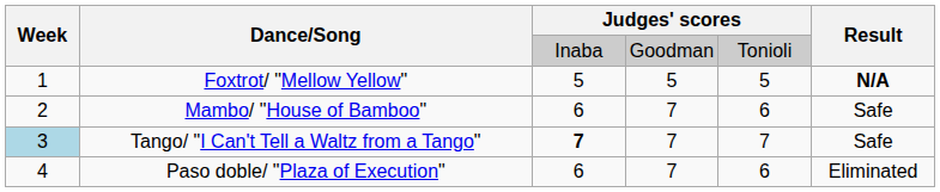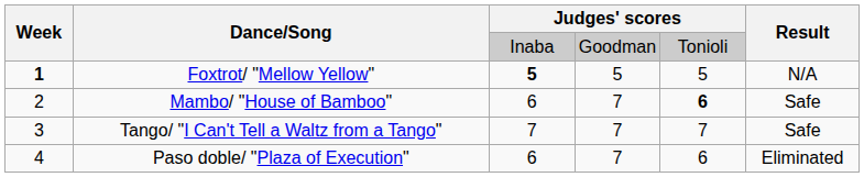 <table class="wikitable">
 <tr style="text-align:Center; background:#ccc;">
 <th rowspan="2">Week</th>
 <th rowspan="2">Dance/Song</th>
 <th colspan="3">Judges' scores</th>
 <th rowspan="2">Result</th>
 </tr>
 <tr style="text-align:center; background:#ccc;">
 <td style="width:10%; ">Inaba</td>
 <td style="width:10%; ">Goodman</td>
 <td style="width:10%; ">Tonioli</td>
 </tr>
 <tr style="text-align:center;">
-<td>1</td>
+<td><strong>1</strong></td>
 <td><a href='#'>Foxtrot</a>/ "<a href='#'>Mellow Yellow</a>"</td>
+<td><strong>5</strong></td>
 <td>5</td>
 <td>5</td>
-<td>5</td>
-<td><strong>N/A</strong></td>
+<td>N/A</td>
 </tr>
 <tr>
 <td style="text-align:center;">2</td>
 <td style="text-align:center;"><a href='#'>Mambo</a>/ "<a href='#'>House of Bamboo</a>"</td>
 <td style="text-align:center;">6</td>
 <td style="text-align:center;">7</td>
-<td style="text-align:center;">6</td>
+<td style="text-align:center;"><strong>6</strong></td>
 <td style="text-align:center;">Safe</td>
 </tr>
 <tr style="text-align:center;">
-<td style="background: lightblue;">3</td>
+<td>3</td>
 <td>Tango/ "<a href='#'>I Can't Tell a Waltz from a Tango</a>"</td>
-<td><strong>7</strong></td>
+<td>7</td>
 <td>7</td>
 <td>7</td>
 <td>Safe</td>
 </tr>
 <tr>
 <td style="text-align:center;">4</td>
 <td style="text-align:center;">Paso doble/ "<a href='#'>Plaza of Execution</a>"</td>
 <td style="text-align:center;">6</td>
 <td style="text-align:center;">7</td>
 <td style="text-align:center;">6</td>
 <td style="text-align:center;">Eliminated</td>
 </tr>
 </table>
